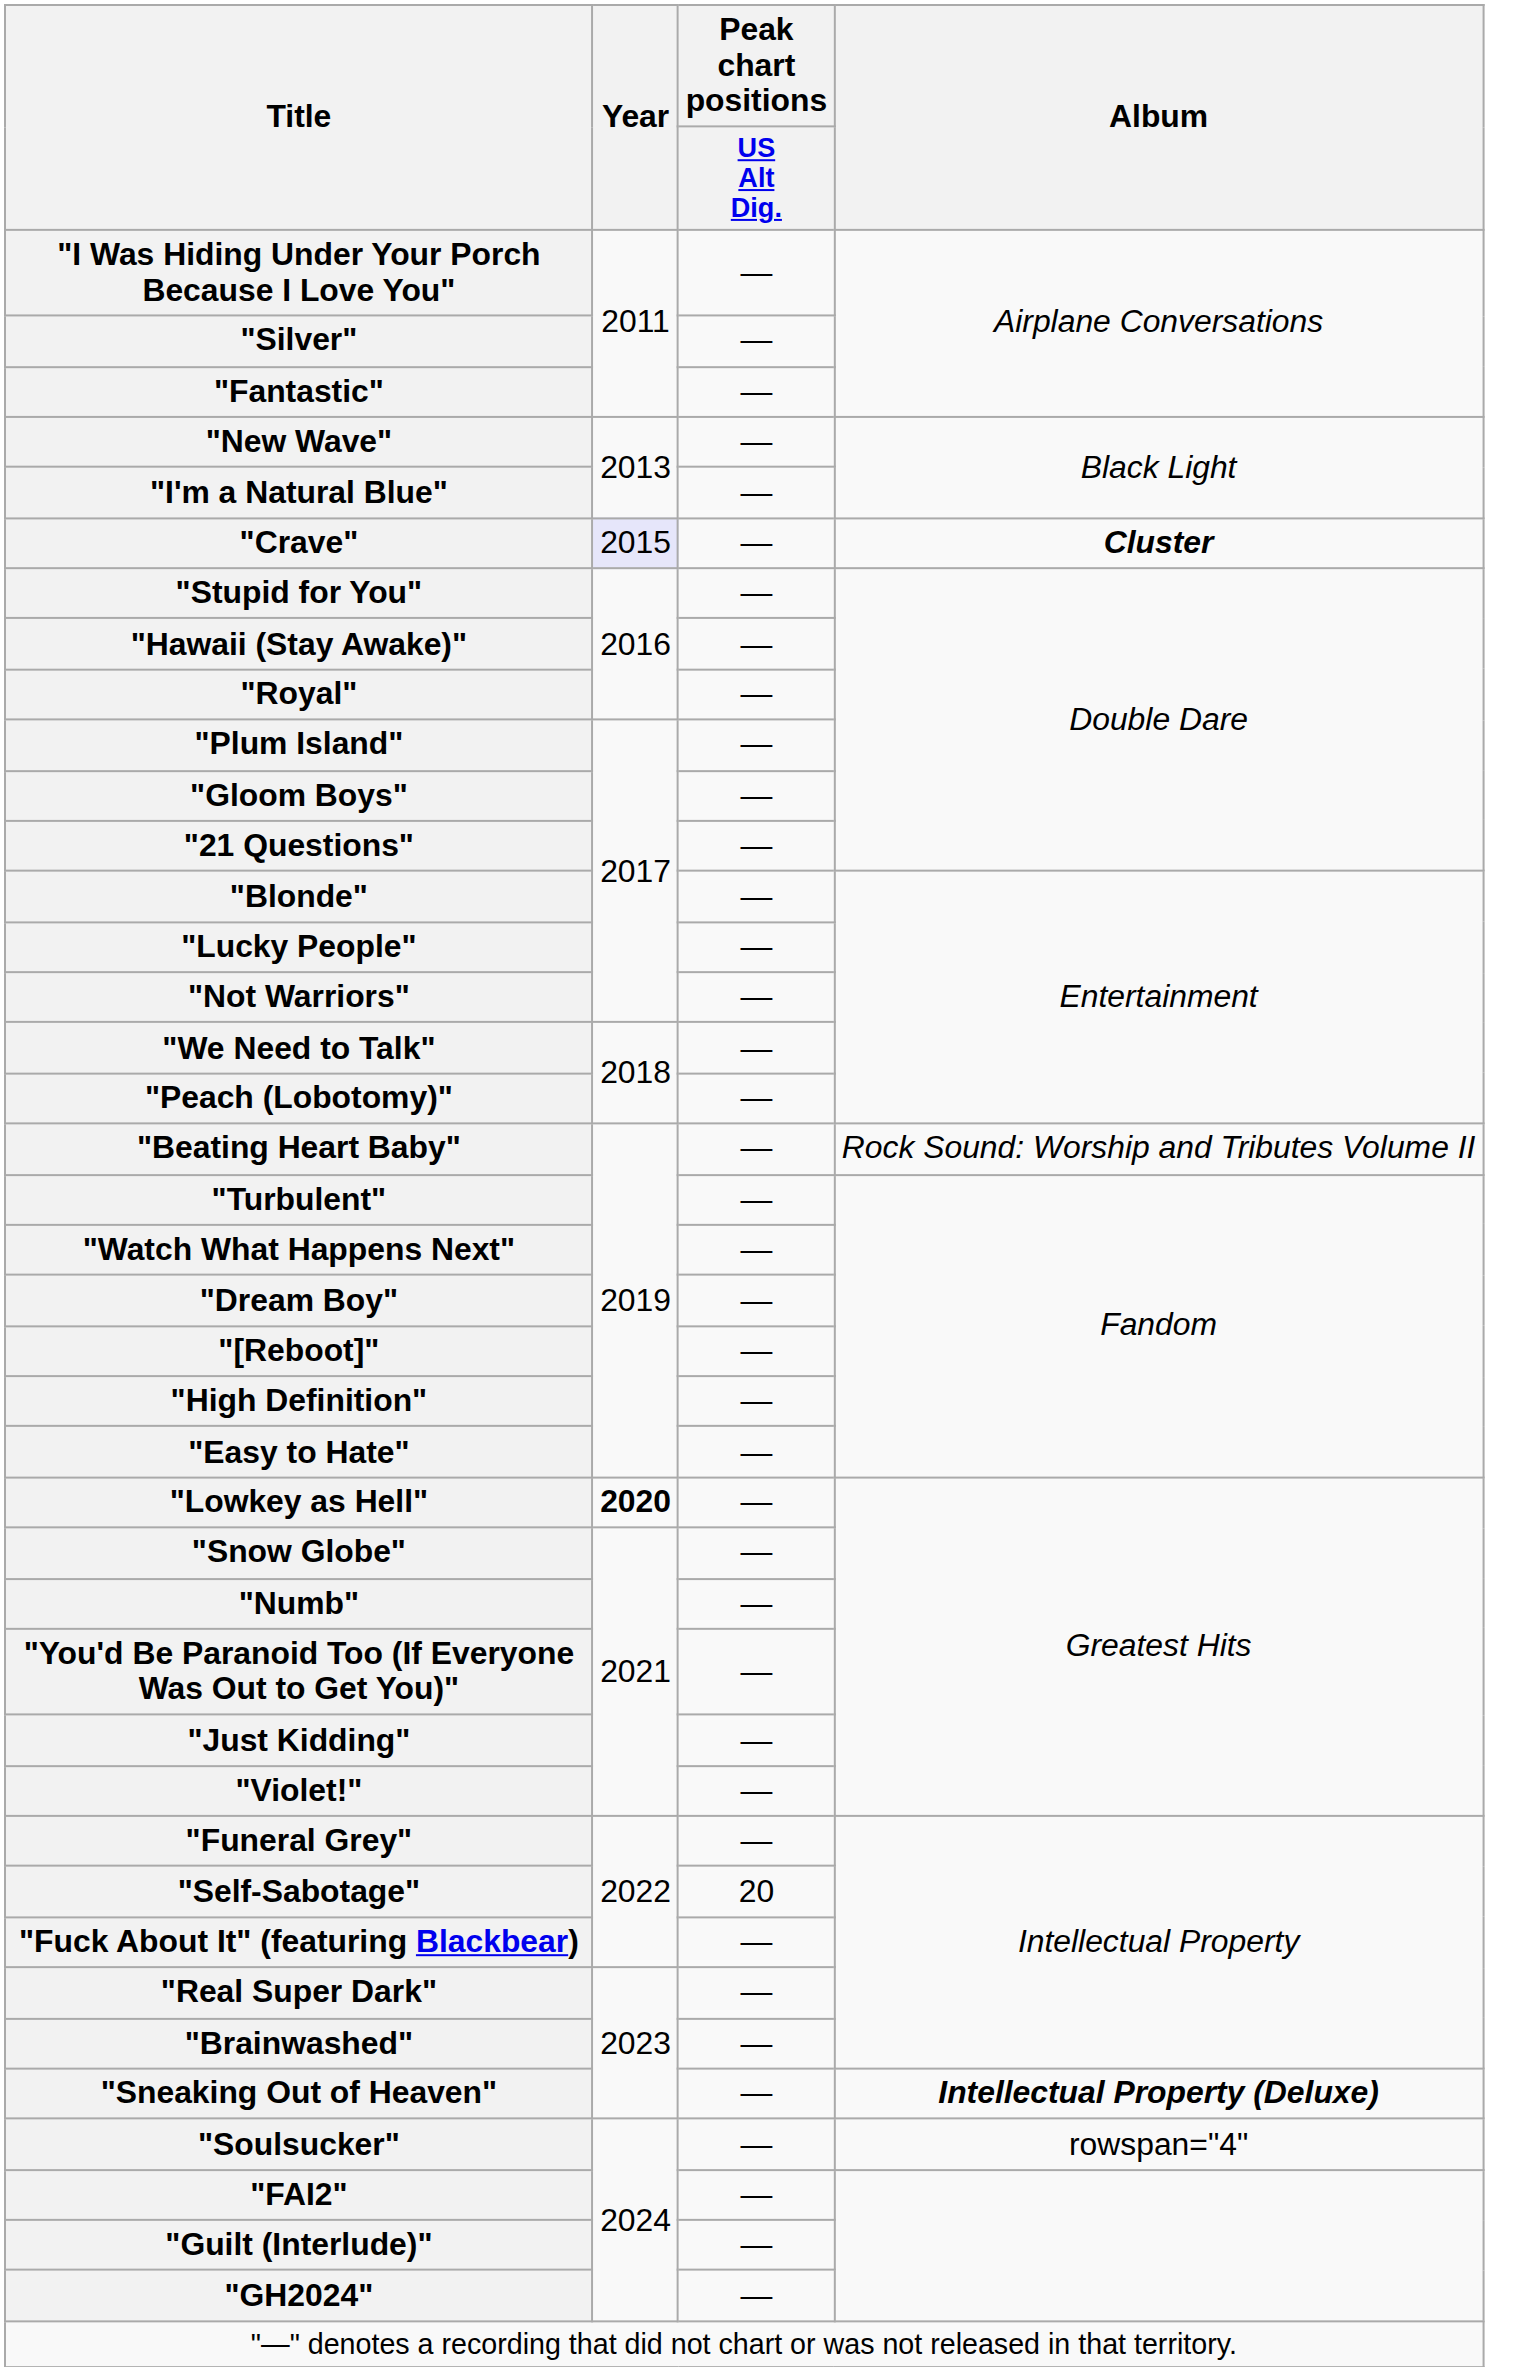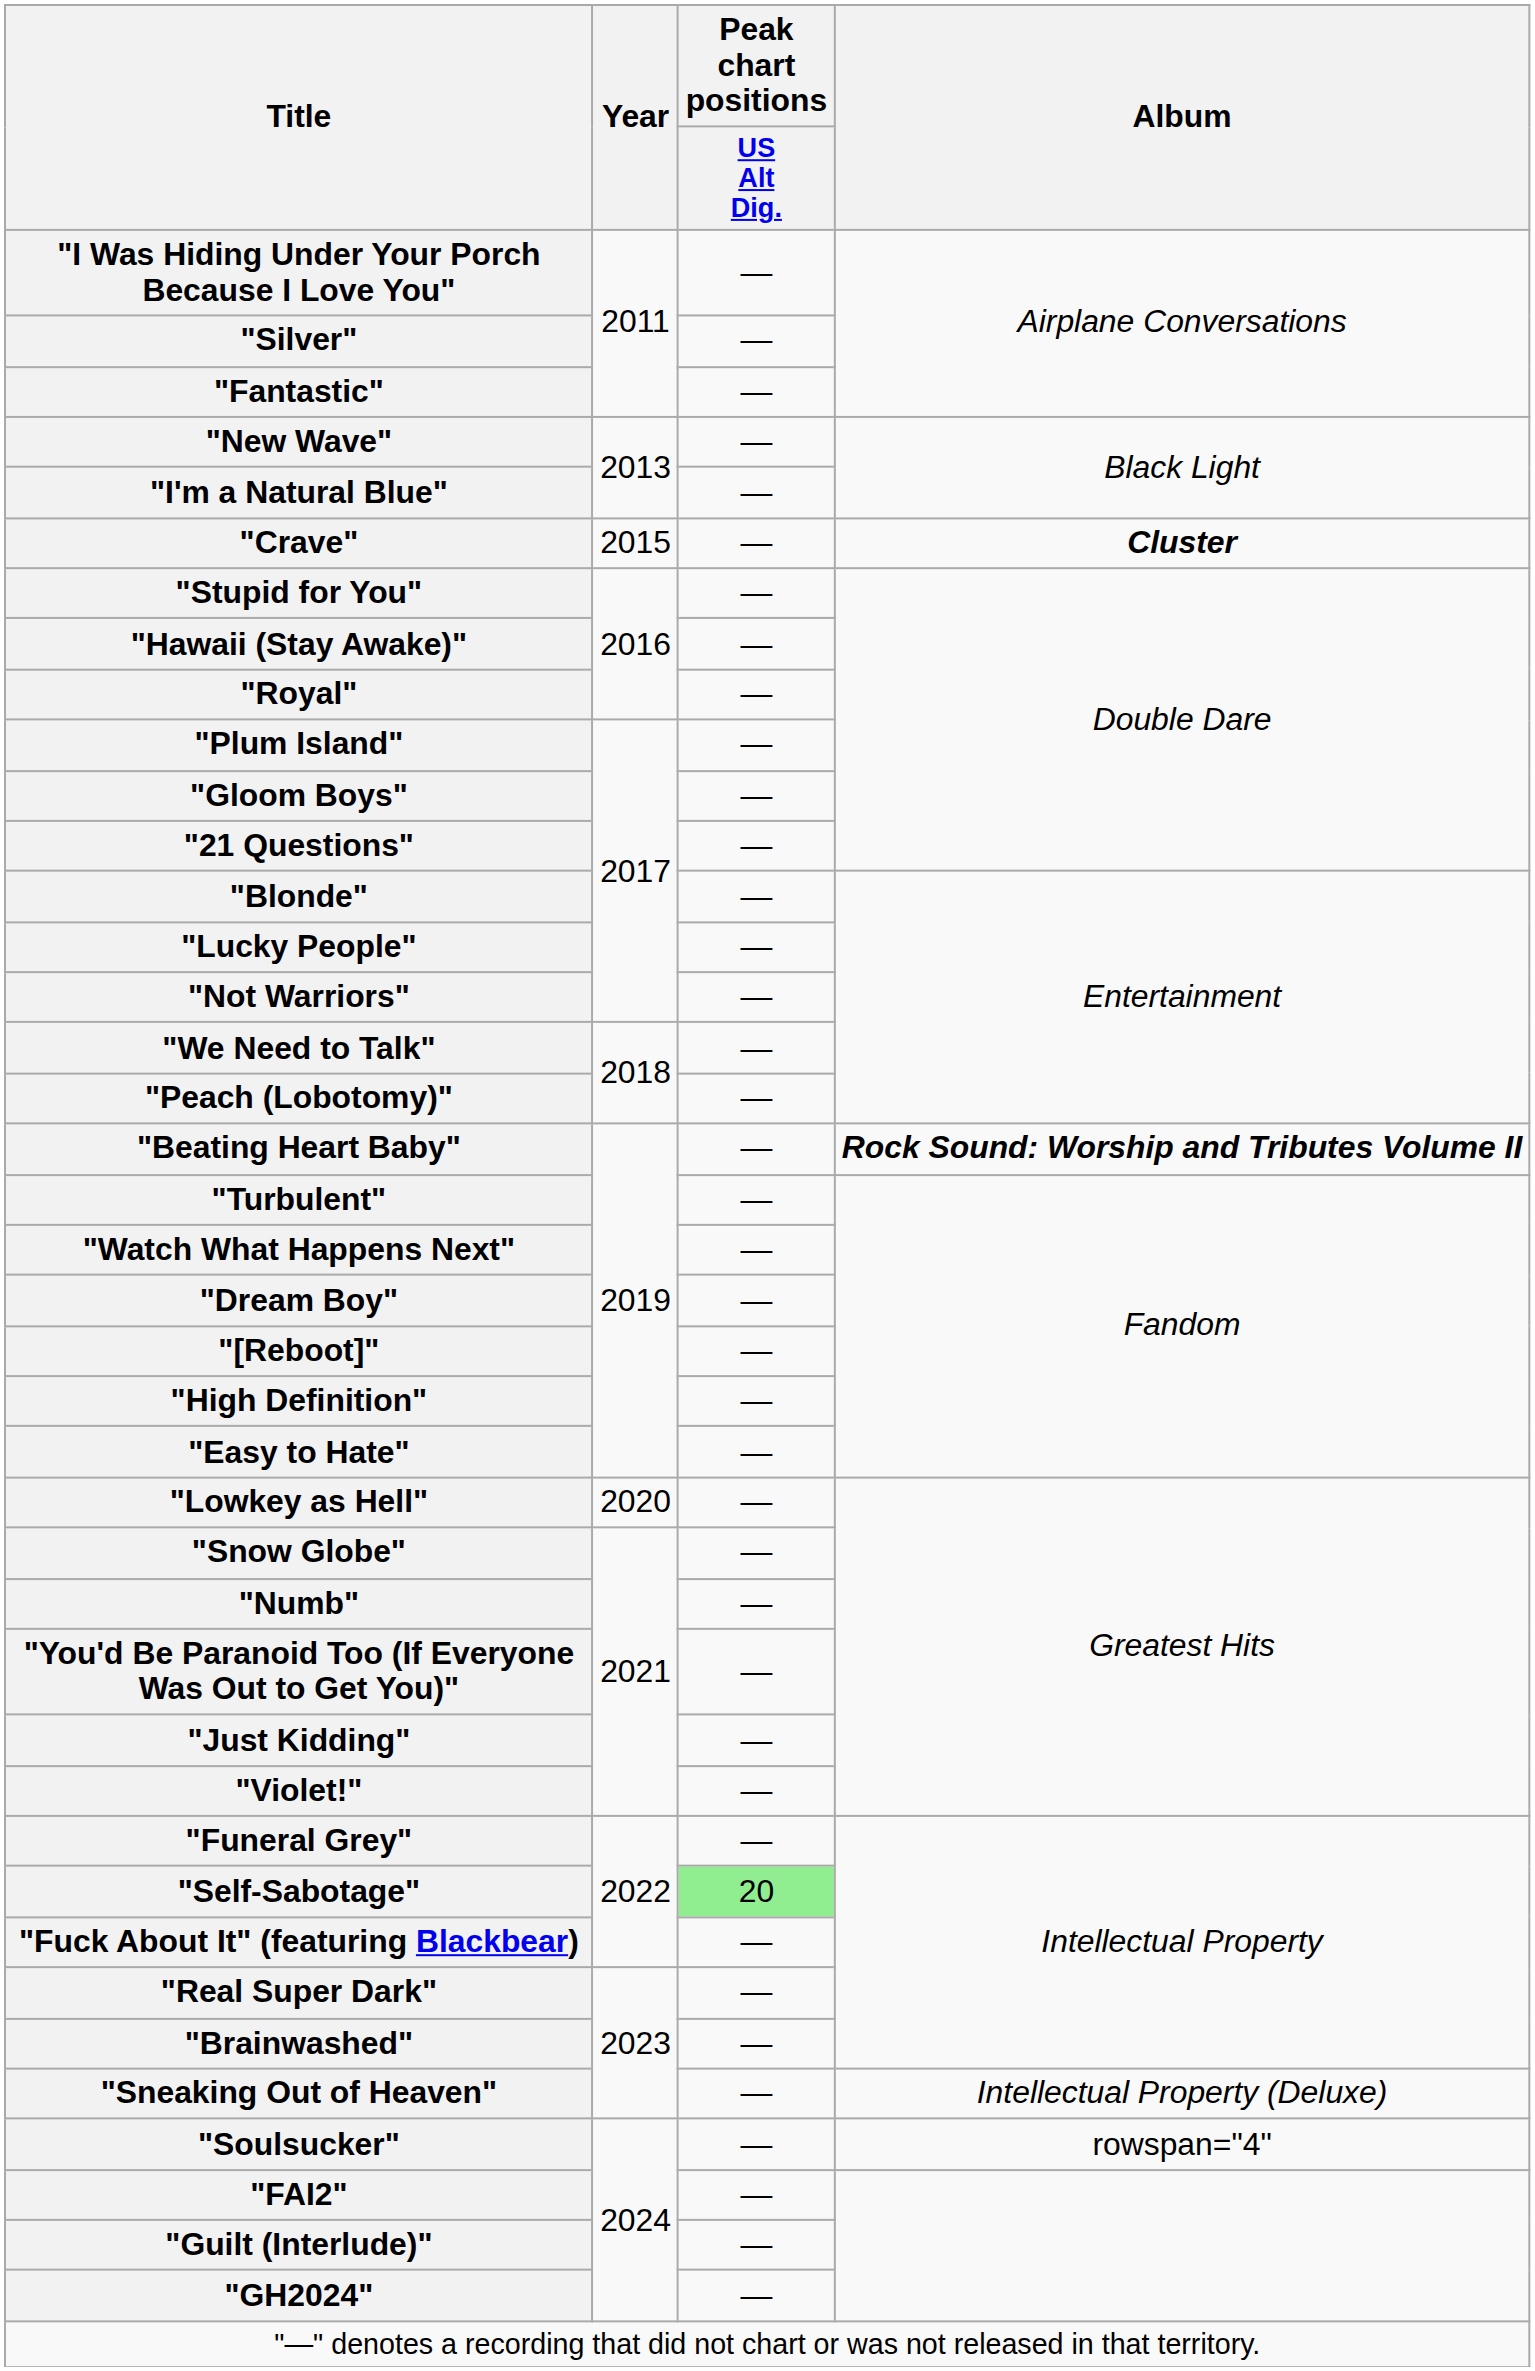 <table class="wikitable plainrowheaders" style="text-align:center;">
 <tr>
 <th scope="col" rowspan="2" style="width:18em;">Title</th>
 <th scope="col" rowspan="2">Year</th>
 <th scope="col">Peak chart positions</th>
 <th scope="col" rowspan="2">Album</th>
 </tr>
 <tr>
 <th scope="col" style="width:3em;font-size:85%;"><a href='#'>US<br>Alt<br>Dig.</a><br></th>
 </tr>
 <tr>
 <th scope="row">"I Was Hiding Under Your Porch Because I Love You"</th>
 <td rowspan="3">2011</td>
 <td>—</td>
 <td rowspan="3"><em>Airplane Conversations</em></td>
 </tr>
 <tr>
 <th scope="row">"Silver"</th>
 <td>—</td>
 </tr>
 <tr>
 <th scope="row">"Fantastic"</th>
 <td>—</td>
 </tr>
 <tr>
 <th scope="row">"New Wave"</th>
 <td rowspan="2">2013</td>
 <td>—</td>
 <td rowspan="2"><em>Black Light</em></td>
 </tr>
 <tr>
 <th scope="row">"I'm a Natural Blue"</th>
 <td>—</td>
 </tr>
 <tr>
 <th scope="row">"Crave"</th>
-<td style="background: lavender;">2015</td>
+<td>2015</td>
 <td>—</td>
 <td><strong><em>Cluster</em></strong></td>
 </tr>
 <tr>
 <th scope="row">"Stupid for You"</th>
 <td rowspan="3">2016</td>
 <td>—</td>
 <td rowspan="6"><em>Double Dare</em></td>
 </tr>
 <tr>
 <th scope="row">"Hawaii (Stay Awake)"</th>
 <td>—</td>
 </tr>
 <tr>
 <th scope="row">"Royal"</th>
 <td>—</td>
 </tr>
 <tr>
 <th scope="row">"Plum Island"</th>
 <td rowspan="6">2017</td>
 <td>—</td>
 </tr>
 <tr>
 <th scope="row">"Gloom Boys"</th>
 <td>—</td>
 </tr>
 <tr>
 <th scope="row">"21 Questions"</th>
 <td>—</td>
 </tr>
 <tr>
 <th scope="row">"Blonde"</th>
 <td>—</td>
 <td rowspan="5"><em>Entertainment</em></td>
 </tr>
 <tr>
 <th scope="row">"Lucky People"</th>
 <td>—</td>
 </tr>
 <tr>
 <th scope="row">"Not Warriors"</th>
 <td>—</td>
 </tr>
 <tr>
 <th scope="row">"We Need to Talk"</th>
 <td rowspan="2">2018</td>
 <td>—</td>
 </tr>
 <tr>
 <th scope="row">"Peach (Lobotomy)"</th>
 <td>—</td>
 </tr>
 <tr>
 <th scope="row">"Beating Heart Baby" </th>
 <td rowspan="7">2019</td>
 <td>—</td>
-<td><em>Rock Sound: Worship and Tributes Volume II</em></td>
+<td><strong><em>Rock Sound: Worship and Tributes Volume II</em></strong></td>
 </tr>
 <tr>
 <th scope="row">"Turbulent"</th>
 <td>—</td>
 <td rowspan="6"><em>Fandom</em></td>
 </tr>
 <tr>
 <th scope="row">"Watch What Happens Next"</th>
 <td>—</td>
 </tr>
 <tr>
 <th scope="row">"Dream Boy"</th>
 <td>—</td>
 </tr>
 <tr>
 <th scope="row">"[Reboot]"</th>
 <td>—</td>
 </tr>
 <tr>
 <th scope="row">"High Definition"</th>
 <td>—</td>
 </tr>
 <tr>
 <th scope="row">"Easy to Hate"</th>
 <td>—</td>
 </tr>
 <tr>
 <th scope="row">"Lowkey as Hell"</th>
-<td><strong>2020</strong></td>
+<td>2020</td>
 <td>—</td>
 <td rowspan="6"><em>Greatest Hits</em></td>
 </tr>
 <tr>
 <th scope="row">"Snow Globe"</th>
 <td rowspan="5">2021</td>
 <td>—</td>
 </tr>
 <tr>
 <th scope="row">"Numb"</th>
 <td>—</td>
 </tr>
 <tr>
 <th scope="row">"You'd Be Paranoid Too (If Everyone Was Out to Get You)"</th>
 <td>—</td>
 </tr>
 <tr>
 <th scope="row">"Just Kidding"</th>
 <td>—</td>
 </tr>
 <tr>
 <th scope="row">"Violet!"</th>
 <td>—</td>
 </tr>
 <tr>
 <th scope="row">"Funeral Grey"</th>
 <td rowspan="3">2022</td>
 <td>—</td>
 <td rowspan="5"><em>Intellectual Property</em></td>
 </tr>
 <tr>
 <th scope="row">"Self-Sabotage"</th>
-<td>20</td>
+<td style="background: lightgreen;">20</td>
 </tr>
 <tr>
 <th scope="row">"Fuck About It" (featuring <a href='#'>Blackbear</a>)</th>
 <td>—</td>
 </tr>
 <tr>
 <th scope="row">"Real Super Dark"</th>
 <td rowspan="3">2023</td>
 <td>—</td>
 </tr>
 <tr>
 <th scope="row">"Brainwashed"</th>
 <td>—</td>
 </tr>
 <tr>
 <th scope="row">"Sneaking Out of Heaven"</th>
 <td>—</td>
-<td><strong><em>Intellectual Property (Deluxe)</em></strong></td>
+<td><em>Intellectual Property (Deluxe)</em></td>
 </tr>
 <tr>
 <th scope="row">"Soulsucker"</th>
 <td rowspan="4">2024</td>
 <td>—</td>
 <td>rowspan="4" </td>
 </tr>
 <tr>
 <th scope="row">"FAI2"</th>
 <td>—</td>
 </tr>
 <tr>
 <th scope="row">"Guilt (Interlude)"</th>
 <td>—</td>
 </tr>
 <tr>
 <th scope="row">"GH2024"</th>
 <td>—</td>
 </tr>
 <tr>
 <td colspan="8" style="font-size:90%">"—" denotes a recording that did not chart or was not released in that territory.</td>
 </tr>
 </table>
